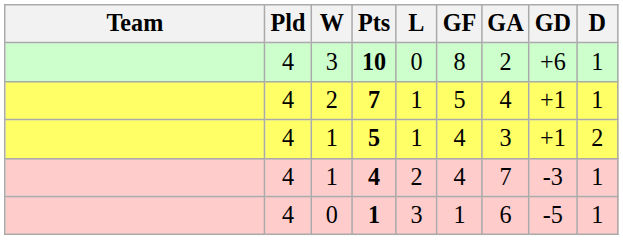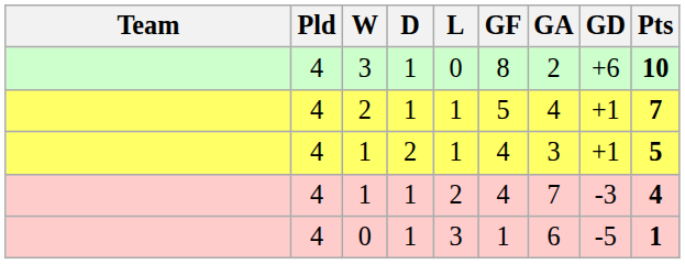 <table class="wikitable" style="text-align: center;">
 <tr>
 <th width="165">Team</th>
 <th width="20">Pld</th>
 <th width="20">W</th>
-<th width="20">Pts</th>
+<th width="20">D</th>
 <th width="20">L</th>
 <th width="20">GF</th>
 <th width="20">GA</th>
 <th width="20">GD</th>
-<th width="20">D</th>
+<th width="20">Pts</th>
 </tr>
 <tr bgcolor= #ccffcc>
 <td align=left></td>
 <td>4</td>
 <td>3</td>
-<td><strong>10</strong></td>
+<td>1</td>
 <td>0</td>
 <td>8</td>
 <td>2</td>
 <td>+6</td>
-<td>1</td>
+<td><strong>10</strong></td>
 </tr>
 <tr bgcolor=#ffff66>
 <td align=left></td>
 <td>4</td>
 <td>2</td>
-<td><strong>7</strong></td>
+<td>1</td>
 <td>1</td>
 <td>5</td>
 <td>4</td>
 <td>+1</td>
-<td>1</td>
+<td><strong>7</strong></td>
 </tr>
 <tr bgcolor=#ffff66>
 <td align=left></td>
 <td>4</td>
 <td>1</td>
-<td><strong>5</strong></td>
+<td>2</td>
 <td>1</td>
 <td>4</td>
 <td>3</td>
 <td>+1</td>
-<td>2</td>
+<td><strong>5</strong></td>
 </tr>
 <tr bgcolor=#ffcccc>
 <td align=left></td>
 <td>4</td>
 <td>1</td>
-<td><strong>4</strong></td>
+<td>1</td>
 <td>2</td>
 <td>4</td>
 <td>7</td>
 <td>-3</td>
-<td>1</td>
+<td><strong>4</strong></td>
 </tr>
 <tr bgcolor=#ffcccc>
 <td align=left></td>
 <td>4</td>
 <td>0</td>
-<td><strong>1</strong></td>
+<td>1</td>
 <td>3</td>
 <td>1</td>
 <td>6</td>
 <td>-5</td>
-<td>1</td>
+<td><strong>1</strong></td>
 </tr>
 </table>
